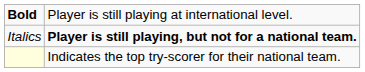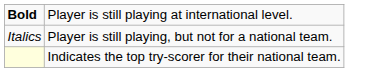 <table class="wikitable">
 <tr>
 <td><strong>Bold</strong></td>
 <td>Player is still playing at international level.</td>
 </tr>
 <tr>
 <td><em>Italics</em></td>
-<td><strong>Player is still playing, but not for a national team.</strong></td>
+<td>Player is still playing, but not for a national team.</td>
 </tr>
 <tr>
 <td bgcolor=#FFFFDD></td>
 <td>Indicates the top try-scorer for their national team.</td>
 </tr>
 </table>
